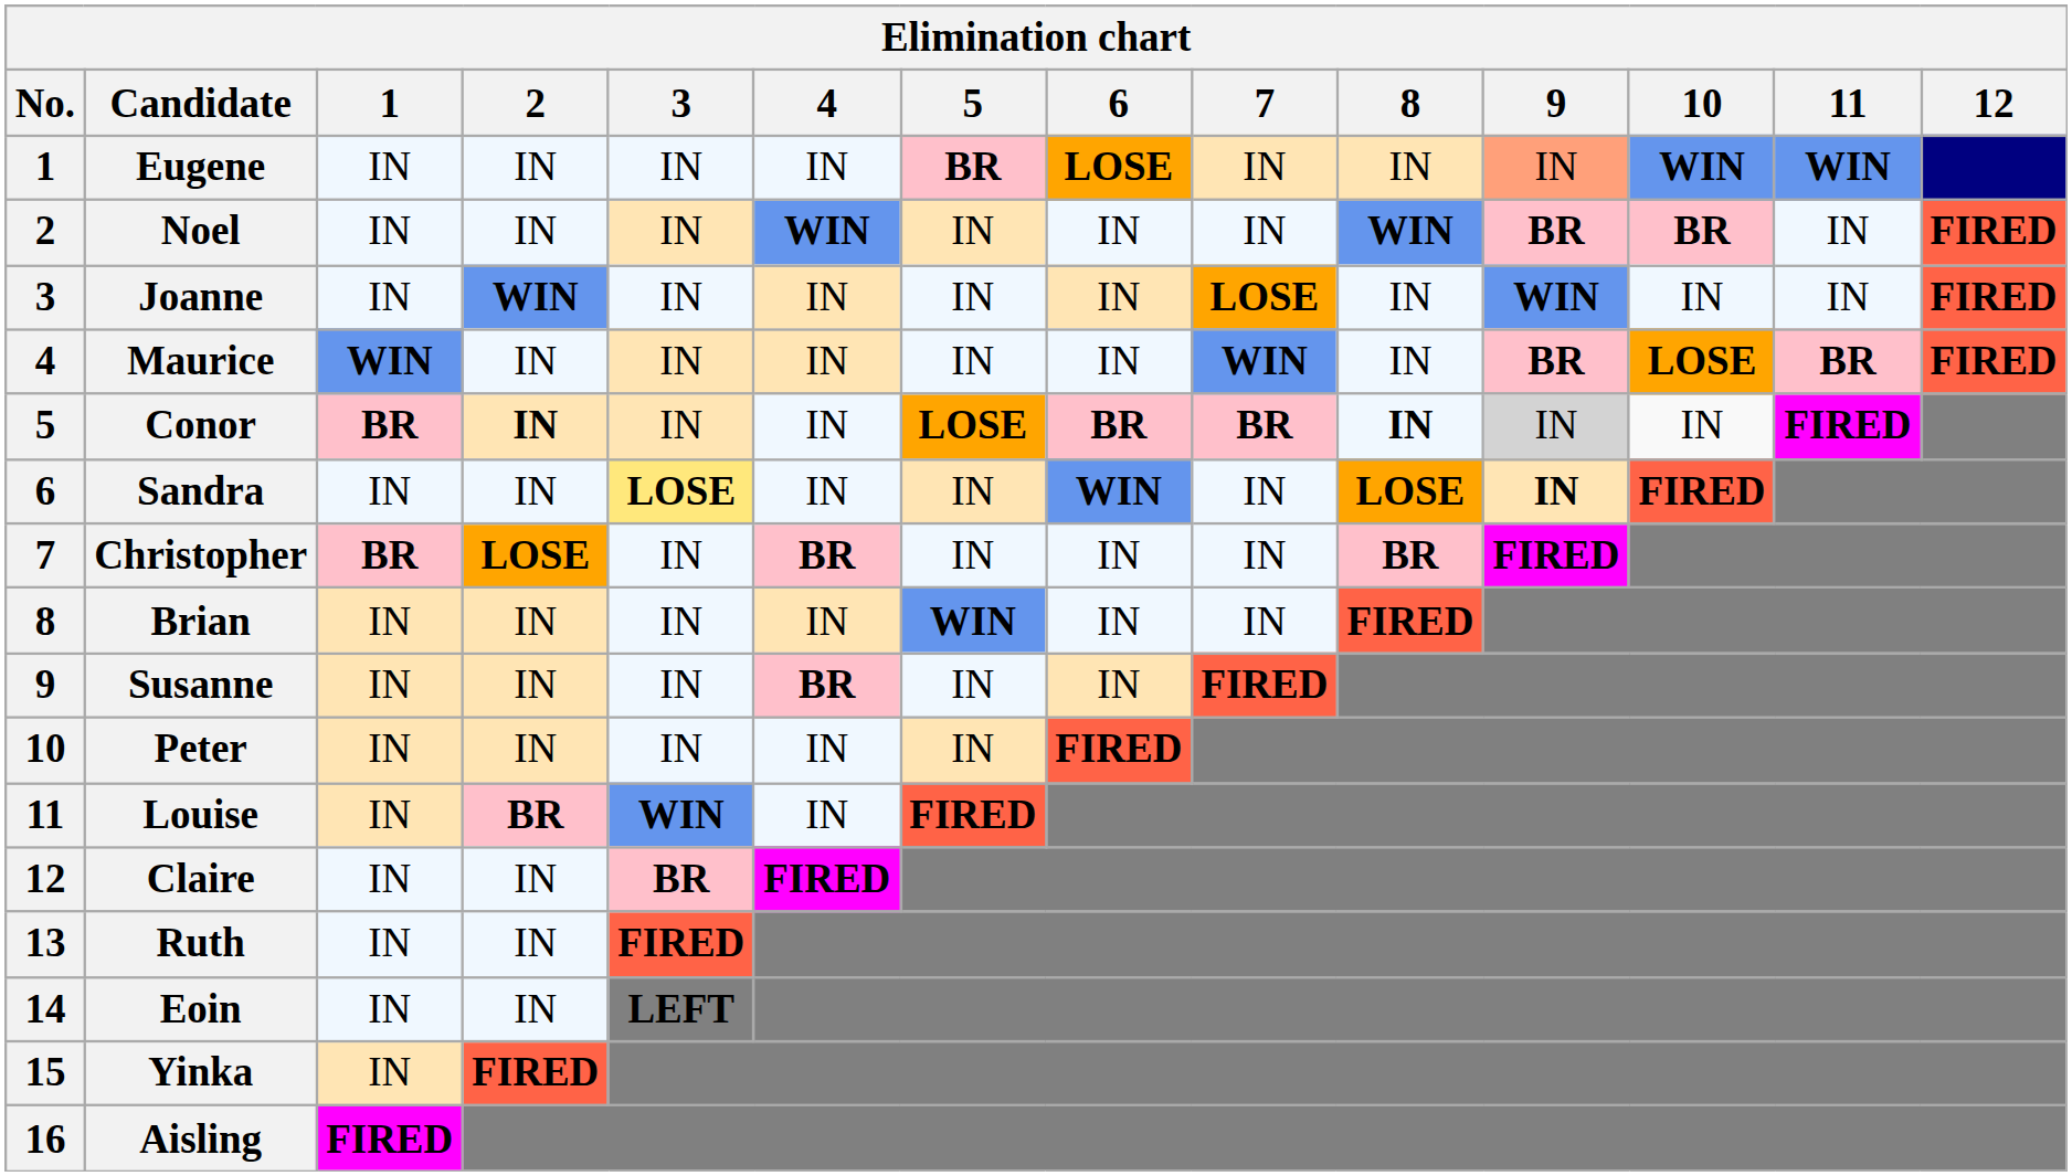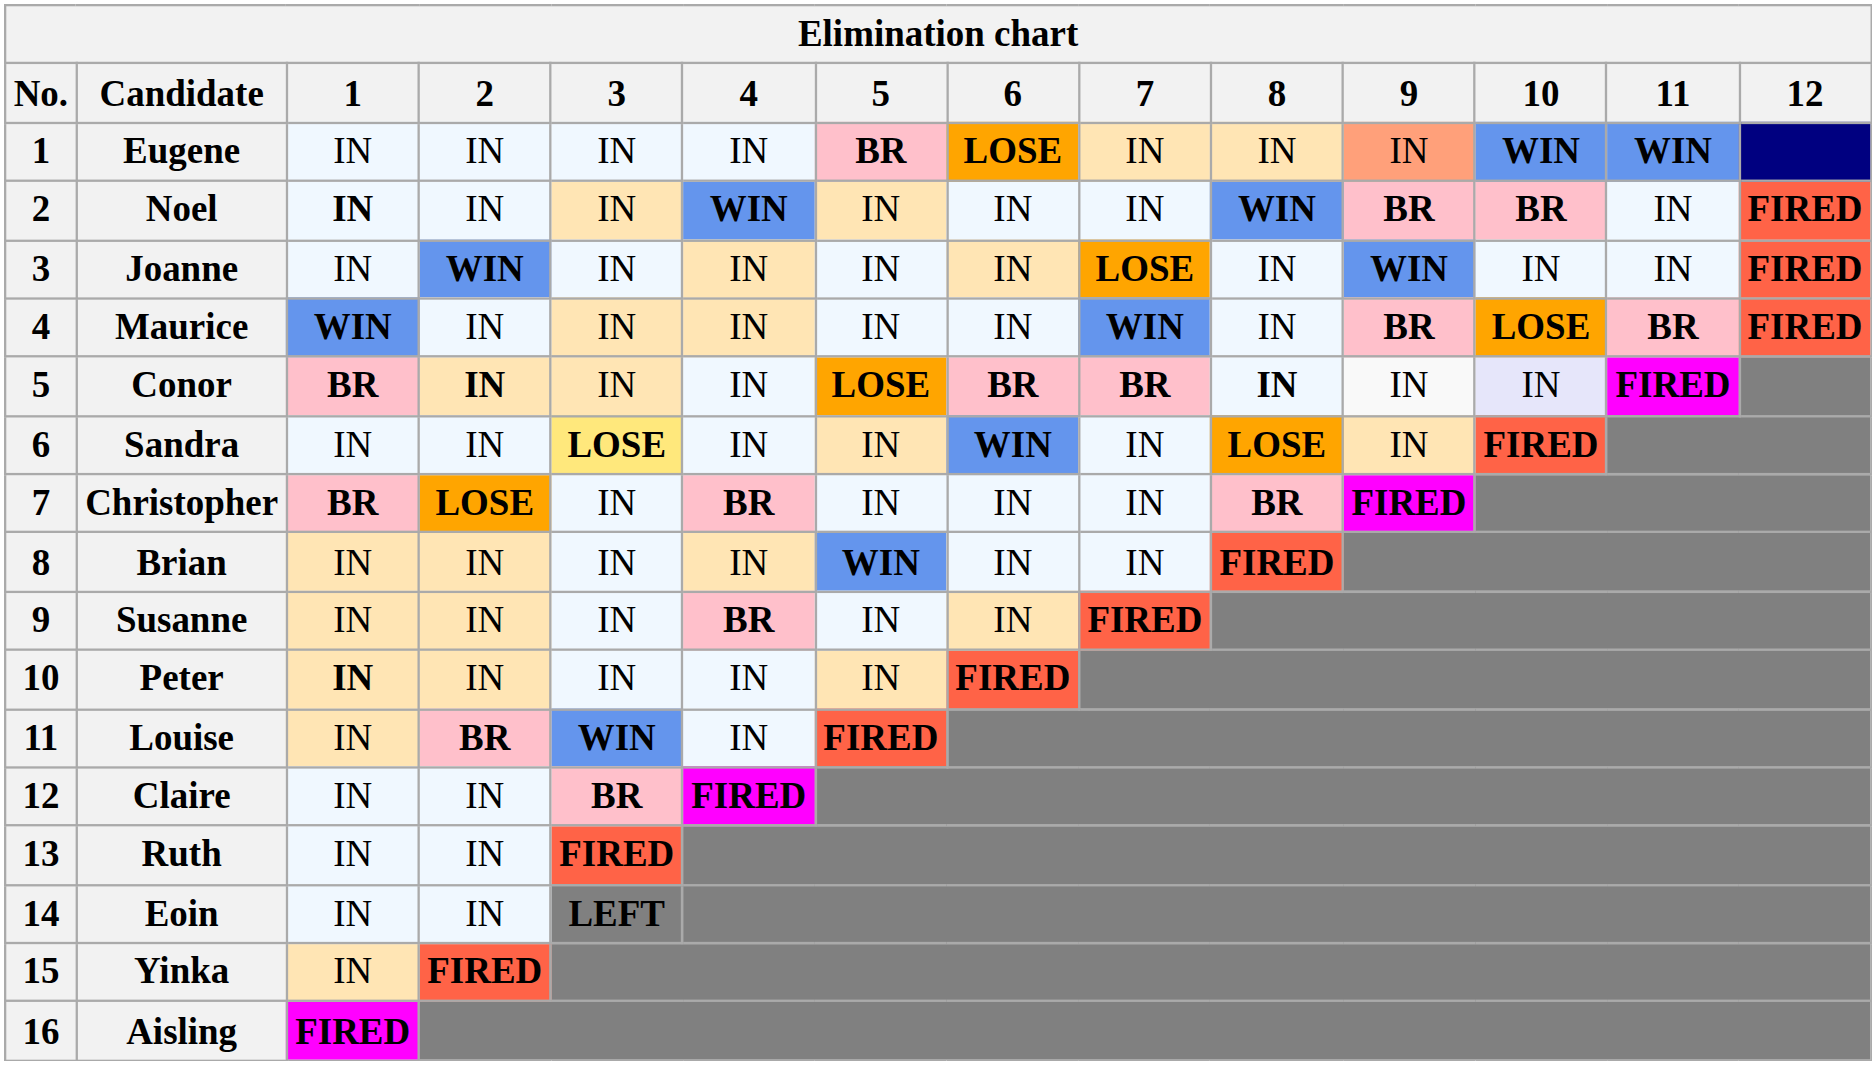 <table class="wikitable" style="text-align:center">
 <tr>
 <th colspan="14">Elimination chart</th>
 </tr>
 <tr>
 <th>No.</th>
 <th>Candidate</th>
 <th>1</th>
 <th>2</th>
 <th>3</th>
 <th>4</th>
 <th>5</th>
 <th>6</th>
 <th>7</th>
 <th>8</th>
 <th>9</th>
 <th>10</th>
 <th>11</th>
 <th>12</th>
 </tr>
 <tr>
 <th>1</th>
 <th>Eugene</th>
 <td style="background:#f0f8ff;">IN</td>
 <td style="background:#f0f8ff;">IN</td>
 <td style="background:#f0f8ff;">IN</td>
 <td style="background:#f0f8ff;">IN</td>
 <td style="background:pink;"><strong>BR</strong></td>
 <td style="background:orange;"><strong>LOSE</strong></td>
 <td style="background:#ffe5b4;">IN</td>
 <td style="background:#ffe5b4;">IN</td>
 <td style="background: lightsalmon;">IN</td>
 <td style="background:cornflowerblue;"><strong>WIN</strong></td>
 <td style="background:cornflowerblue;"><strong>WIN</strong></td>
 <td style="background:navy;"></td>
 </tr>
 <tr>
 <th>2</th>
 <th>Noel</th>
-<td style="background:#f0f8ff;">IN</td>
+<td style="background:#f0f8ff;"><strong>IN</strong></td>
 <td style="background:#f0f8ff;">IN</td>
 <td style="background:#ffe5b4;">IN</td>
 <td style="background:cornflowerblue;"><strong>WIN</strong></td>
 <td style="background:#ffe5b4;">IN</td>
 <td style="background:#f0f8ff;">IN</td>
 <td style="background:#f0f8ff;">IN</td>
 <td style="background:cornflowerblue;"><strong>WIN</strong></td>
 <td style="background:pink;"><strong>BR</strong></td>
 <td style="background:pink;"><strong>BR</strong></td>
 <td style="background:#f0f8ff;">IN</td>
 <td style="background:tomato;"><span><strong>FIRED</strong></span></td>
 </tr>
 <tr>
 <th>3</th>
 <th>Joanne</th>
 <td style="background:#f0f8ff;">IN</td>
 <td style="background:cornflowerblue;"><strong>WIN</strong></td>
 <td style="background:#f0f8ff;">IN</td>
 <td style="background:#ffe5b4;">IN</td>
 <td style="background:#f0f8ff;">IN</td>
 <td style="background:#ffe5b4;">IN</td>
 <td style="background:orange;"><strong>LOSE</strong></td>
 <td style="background:#f0f8ff;">IN</td>
 <td style="background:cornflowerblue;"><strong>WIN</strong></td>
 <td style="background:#f0f8ff;">IN</td>
 <td style="background:#f0f8ff;">IN</td>
 <td style="background:tomato;"><span><strong>FIRED</strong></span></td>
 </tr>
 <tr>
 <th>4</th>
 <th>Maurice</th>
 <td style="background:cornflowerblue;"><strong>WIN</strong></td>
 <td style="background:#f0f8ff;">IN</td>
 <td style="background:#ffe5b4;">IN</td>
 <td style="background:#ffe5b4;">IN</td>
 <td style="background:#f0f8ff;">IN</td>
 <td style="background:#f0f8ff;">IN</td>
 <td style="background:cornflowerblue;"><strong>WIN</strong></td>
 <td style="background:#f0f8ff;">IN</td>
 <td style="background:pink;"><strong>BR</strong></td>
 <td style="background:orange;"><strong>LOSE</strong></td>
 <td style="background:pink;"><strong>BR</strong></td>
 <td style="background:tomato;"><span><strong>FIRED</strong></span></td>
 </tr>
 <tr>
 <th>5</th>
 <th>Conor</th>
 <td style="background:pink;"><strong>BR</strong></td>
 <td style="background:#ffe5b4;"><strong>IN</strong></td>
 <td style="background:#ffe5b4;">IN</td>
 <td style="background:#f0f8ff;">IN</td>
 <td style="background:orange;"><strong>LOSE</strong></td>
 <td style="background:pink;"><strong>BR</strong></td>
 <td style="background:pink;"><strong>BR</strong></td>
 <td style="background:#f0f8ff;"><strong>IN</strong></td>
-<td style="background: lightgrey;">IN</td>
 <td>IN</td>
+<td style="background: lavender;">IN</td>
 <td style="background:magenta;"><span><strong>FIRED</strong></span></td>
 <td colspan="14" style="background:gray;"></td>
 </tr>
 <tr>
 <th>6</th>
 <th>Sandra</th>
 <td style="background:#f0f8ff;">IN</td>
 <td style="background:#f0f8ff;">IN</td>
 <td style="background:#ffe87c;"><strong>LOSE</strong></td>
 <td style="background:#f0f8ff;">IN</td>
 <td style="background:#ffe5b4;">IN</td>
 <td style="background:cornflowerblue;"><strong>WIN</strong></td>
 <td style="background:#f0f8ff;">IN</td>
 <td style="background:orange;"><strong>LOSE</strong></td>
-<td style="background:#ffe5b4;"><strong>IN</strong></td>
+<td style="background:#ffe5b4;">IN</td>
 <td style="background:tomato;"><span><strong>FIRED</strong></span></td>
 <td colspan="14" style="background:gray;"></td>
 </tr>
 <tr>
 <th>7</th>
 <th>Christopher</th>
 <td style="background:pink;"><strong>BR</strong></td>
 <td style="background:orange;"><strong>LOSE</strong></td>
 <td style="background:#f0f8ff;">IN</td>
 <td style="background:pink;"><strong>BR</strong></td>
 <td style="background:#f0f8ff;">IN</td>
 <td style="background:#f0f8ff;">IN</td>
 <td style="background:#f0f8ff;">IN</td>
 <td style="background:pink;"><strong>BR</strong></td>
 <td style="background:magenta;"><span><strong>FIRED</strong></span></td>
 <td colspan="14" style="background:gray;"></td>
 </tr>
 <tr>
 <th>8</th>
 <th>Brian</th>
 <td style="background:#ffe5b4;">IN</td>
 <td style="background:#ffe5b4;">IN</td>
 <td style="background:#f0f8ff;">IN</td>
 <td style="background:#ffe5b4;">IN</td>
 <td style="background:cornflowerblue;"><strong>WIN</strong></td>
 <td style="background:#f0f8ff;">IN</td>
 <td style="background:#f0f8ff;">IN</td>
 <td style="background:tomato;"><span><strong>FIRED</strong></span></td>
 <td colspan="9" style="background:gray;"></td>
 </tr>
 <tr>
 <th>9</th>
 <th>Susanne</th>
 <td style="background:#ffe5b4;">IN</td>
 <td style="background:#ffe5b4;">IN</td>
 <td style="background:#f0f8ff;">IN</td>
 <td style="background:pink;"><strong>BR</strong></td>
 <td style="background:#f0f8ff;">IN</td>
 <td style="background:#ffe5b4;">IN</td>
 <td style="background:tomato;"><span><strong>FIRED</strong></span></td>
 <td colspan="9" style="background:gray;"></td>
 </tr>
 <tr>
 <th>10</th>
 <th>Peter</th>
-<td style="background:#ffe5b4;">IN</td>
+<td style="background:#ffe5b4;"><strong>IN</strong></td>
 <td style="background:#ffe5b4;">IN</td>
 <td style="background:#f0f8ff;">IN</td>
 <td style="background:#f0f8ff;">IN</td>
 <td style="background:#ffe5b4;">IN</td>
 <td style="background:tomato;"><span><strong>FIRED</strong></span></td>
 <td colspan="9" style="background:gray;"></td>
 </tr>
 <tr>
 <th>11</th>
 <th>Louise</th>
 <td style="background:#ffe5b4;">IN</td>
 <td style="background:pink;"><strong>BR</strong></td>
 <td style="background:cornflowerblue;"><strong>WIN</strong></td>
 <td style="background:#f0f8ff;">IN</td>
 <td style="background:tomato;"><span><strong>FIRED</strong></span></td>
 <td colspan="10" style="background:gray;"></td>
 </tr>
 <tr>
 <th>12</th>
 <th>Claire</th>
 <td style="background:#f0f8ff;">IN</td>
 <td style="background:#f0f8ff;">IN</td>
 <td style="background:pink;"><strong>BR</strong></td>
 <td style="background:magenta;"><span><strong>FIRED</strong></span></td>
 <td colspan="11" style="background:gray;"></td>
 </tr>
 <tr>
 <th>13</th>
 <th>Ruth</th>
 <td style="background:#f0f8ff;">IN</td>
 <td style="background:#f0f8ff;">IN</td>
 <td style="background:tomato;"><span><strong>FIRED</strong></span></td>
 <td colspan="12" style="background:gray;"></td>
 </tr>
 <tr>
 <th>14</th>
 <th>Eoin</th>
 <td style="background:#f0f8ff;">IN</td>
 <td style="background:#f0f8ff;">IN</td>
 <td style="background:gray;"><span><strong>LEFT</strong></span></td>
 <td colspan="12" style="background:gray;"></td>
 </tr>
 <tr>
 <th>15</th>
 <th>Yinka</th>
 <td style="background:#ffe5b4;">IN</td>
 <td style="background:tomato;"><span><strong>FIRED</strong></span></td>
 <td colspan="13" style="background:gray;"></td>
 </tr>
 <tr>
 <th>16</th>
 <th>Aisling</th>
 <td style="background:magenta;"><span><strong>FIRED</strong></span></td>
 <td colspan="14" style="background:gray;"></td>
 </tr>
 </table>
